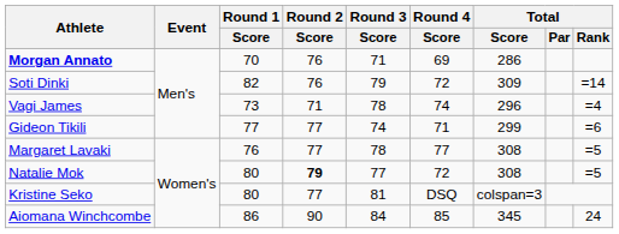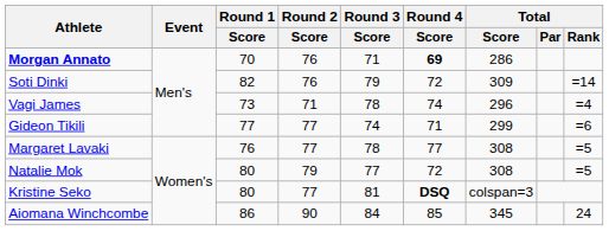 <table class=wikitable style=font-size:90%;text-align:center>
 <tr>
 <th rowspan=2>Athlete</th>
 <th rowspan=2>Event</th>
 <th>Round 1</th>
 <th>Round 2</th>
 <th>Round 3</th>
 <th>Round 4</th>
 <th colspan=3>Total</th>
 </tr>
 <tr style=font-size:95%>
 <th>Score</th>
 <th>Score</th>
 <th>Score</th>
 <th>Score</th>
 <th>Score</th>
 <th>Par</th>
 <th>Rank</th>
 </tr>
 <tr>
 <td align=left><strong><a href='#'>Morgan Annato</a></strong></td>
 <td align=left rowspan=4>Men's</td>
 <td>70</td>
 <td>76</td>
 <td>71</td>
-<td>69</td>
+<td><strong>69</strong></td>
 <td>286</td>
 <td></td>
 <td></td>
 </tr>
 <tr>
 <td align=left><a href='#'>Soti Dinki</a></td>
 <td>82</td>
 <td>76</td>
 <td>79</td>
 <td>72</td>
 <td>309</td>
 <td></td>
 <td>=14</td>
 </tr>
 <tr>
 <td align=left><a href='#'>Vagi James</a></td>
 <td>73</td>
 <td>71</td>
 <td>78</td>
 <td>74</td>
 <td>296</td>
 <td></td>
 <td>=4</td>
 </tr>
 <tr>
 <td align=left><a href='#'>Gideon Tikili</a></td>
 <td>77</td>
 <td>77</td>
 <td>74</td>
 <td>71</td>
 <td>299</td>
 <td></td>
 <td>=6</td>
 </tr>
 <tr>
 <td align=left><a href='#'>Margaret Lavaki</a></td>
 <td align=left rowspan=4>Women's</td>
 <td>76</td>
 <td>77</td>
 <td>78</td>
 <td>77</td>
 <td>308</td>
 <td></td>
 <td>=5</td>
 </tr>
 <tr>
 <td align=left><a href='#'>Natalie Mok</a></td>
 <td>80</td>
-<td><strong>79</strong></td>
+<td>79</td>
 <td>77</td>
 <td>72</td>
 <td>308</td>
 <td></td>
 <td>=5</td>
 </tr>
 <tr>
 <td align=left><a href='#'>Kristine Seko</a></td>
 <td>80</td>
 <td>77</td>
 <td>81</td>
-<td>DSQ</td>
+<td><strong>DSQ</strong></td>
 <td>colspan=3 </td>
 </tr>
 <tr>
 <td align=left><a href='#'>Aiomana Winchcombe</a></td>
 <td>86</td>
 <td>90</td>
 <td>84</td>
 <td>85</td>
 <td>345</td>
 <td></td>
 <td>24</td>
 </tr>
 </table>
